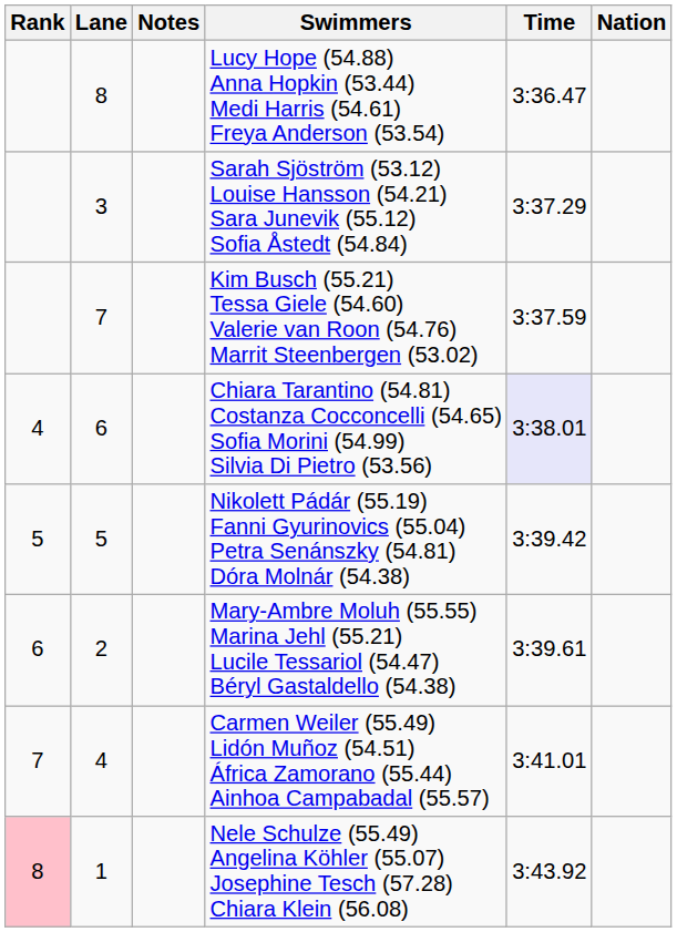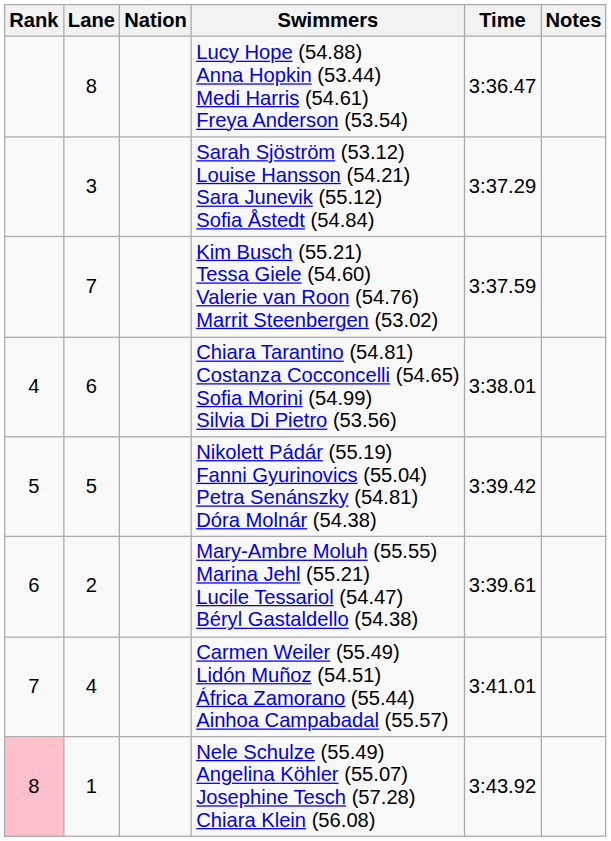 <table class="wikitable sortable" style="text-align:center">
 <tr>
 <th>Rank</th>
 <th>Lane</th>
-<th>Notes</th>
+<th>Nation</th>
 <th>Swimmers</th>
 <th>Time</th>
-<th>Nation</th>
+<th>Notes</th>
 </tr>
 <tr>
 <td></td>
 <td>8</td>
-<td></td>
+<td align=left></td>
 <td align=left><a href='#'>Lucy Hope</a> (54.88)<br><a href='#'>Anna Hopkin</a> (53.44)<br><a href='#'>Medi Harris</a> (54.61)<br><a href='#'>Freya Anderson</a> (53.54)</td>
 <td>3:36.47</td>
-<td align=left></td>
+<td></td>
 </tr>
 <tr>
 <td></td>
 <td>3</td>
-<td></td>
+<td align=left></td>
 <td align=left><a href='#'>Sarah Sjöström</a> (53.12)<br><a href='#'>Louise Hansson</a> (54.21)<br><a href='#'>Sara Junevik</a> (55.12)<br><a href='#'>Sofia Åstedt</a> (54.84)</td>
 <td>3:37.29</td>
-<td align=left></td>
+<td></td>
 </tr>
 <tr>
 <td></td>
 <td>7</td>
-<td></td>
+<td align=left></td>
 <td align=left><a href='#'>Kim Busch</a> (55.21)<br><a href='#'>Tessa Giele</a> (54.60)<br><a href='#'>Valerie van Roon</a> (54.76)<br><a href='#'>Marrit Steenbergen</a> (53.02)</td>
 <td>3:37.59</td>
-<td align=left></td>
+<td></td>
 </tr>
 <tr>
 <td>4</td>
 <td>6</td>
+<td align=left></td>
+<td align=left><a href='#'>Chiara Tarantino</a> (54.81)<br><a href='#'>Costanza Cocconcelli</a> (54.65)<br><a href='#'>Sofia Morini</a> (54.99)<br><a href='#'>Silvia Di Pietro</a> (53.56)</td>
+<td>3:38.01</td>
 <td></td>
-<td align=left><a href='#'>Chiara Tarantino</a> (54.81)<br><a href='#'>Costanza Cocconcelli</a> (54.65)<br><a href='#'>Sofia Morini</a> (54.99)<br><a href='#'>Silvia Di Pietro</a> (53.56)</td>
-<td style="background: lavender;">3:38.01</td>
-<td align=left></td>
 </tr>
 <tr>
 <td>5</td>
 <td>5</td>
-<td></td>
+<td align=left></td>
 <td align=left><a href='#'>Nikolett Pádár</a> (55.19)<br><a href='#'>Fanni Gyurinovics</a> (55.04)<br><a href='#'>Petra Senánszky</a> (54.81)<br><a href='#'>Dóra Molnár</a> (54.38)</td>
 <td>3:39.42</td>
-<td align=left></td>
+<td></td>
 </tr>
 <tr>
 <td>6</td>
 <td>2</td>
-<td></td>
+<td align=left></td>
 <td align=left><a href='#'>Mary-Ambre Moluh</a> (55.55)<br><a href='#'>Marina Jehl</a> (55.21)<br><a href='#'>Lucile Tessariol</a> (54.47)<br><a href='#'>Béryl Gastaldello</a> (54.38)</td>
 <td>3:39.61</td>
-<td align=left></td>
+<td></td>
 </tr>
 <tr>
 <td>7</td>
 <td>4</td>
-<td></td>
+<td align=left></td>
 <td align=left><a href='#'>Carmen Weiler</a> (55.49)<br><a href='#'>Lidón Muñoz</a> (54.51)<br><a href='#'>África Zamorano</a> (55.44)<br><a href='#'>Ainhoa Campabadal</a> (55.57)</td>
 <td>3:41.01</td>
-<td align=left></td>
+<td></td>
 </tr>
 <tr>
 <td style="background: pink;">8</td>
 <td>1</td>
-<td></td>
+<td align=left></td>
 <td align=left><a href='#'>Nele Schulze</a> (55.49)<br><a href='#'>Angelina Köhler</a> (55.07)<br><a href='#'>Josephine Tesch</a> (57.28)<br><a href='#'>Chiara Klein</a> (56.08)</td>
 <td>3:43.92</td>
-<td align=left></td>
+<td></td>
 </tr>
 </table>
